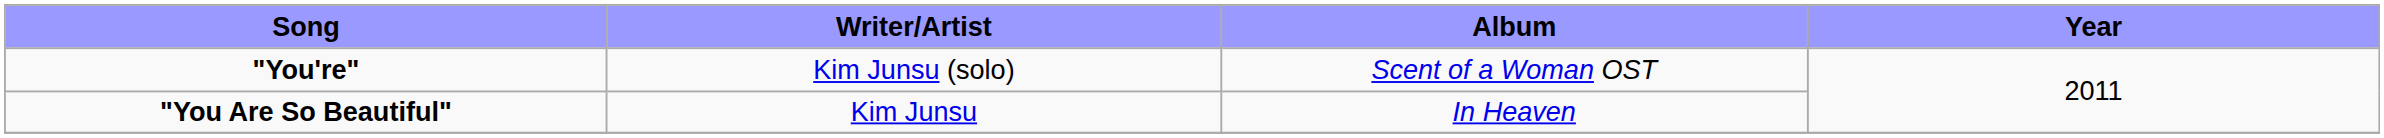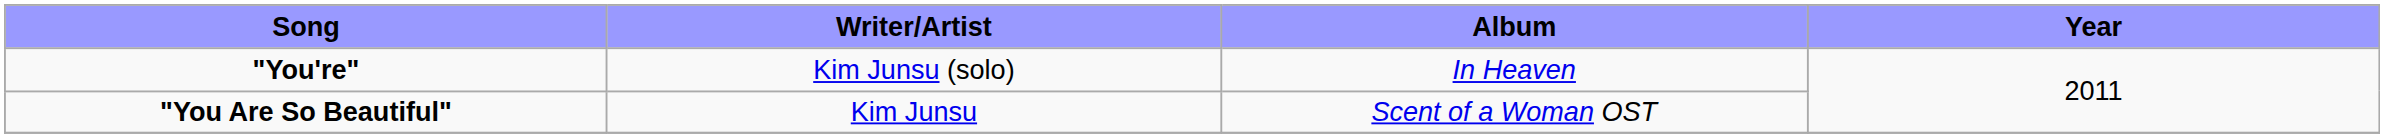 <table class="wikitable" style="margin:0.5em auto; clear:both; font-size:.9em; text-align:center; width:100%">
 <tr>
 <th width="500" style="background: #99F;">Song</th>
 <th width="500" style="background: #99F;">Writer/Artist</th>
 <th width="500" style="background: #99F;">Album</th>
 <th width="500" style="background: #99F;">Year</th>
 </tr>
 <tr>
 <td><strong>"You're"</strong></td>
 <td><a href='#'>Kim Junsu</a> (solo)</td>
-<td><em><a href='#'>Scent of a Woman</a> OST</em></td>
+<td><em><a href='#'>In Heaven</a></em></td>
 <td rowspan=2>2011</td>
 </tr>
 <tr>
 <td><strong>"You Are So Beautiful"</strong></td>
 <td><a href='#'>Kim Junsu</a></td>
-<td><em><a href='#'>In Heaven</a></em></td>
+<td><em><a href='#'>Scent of a Woman</a> OST</em></td>
 </tr>
 <tr>
 </tr>
 </table>
